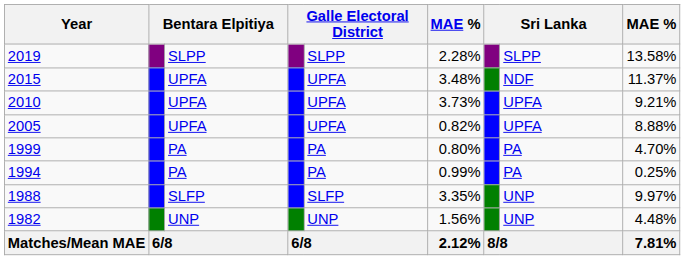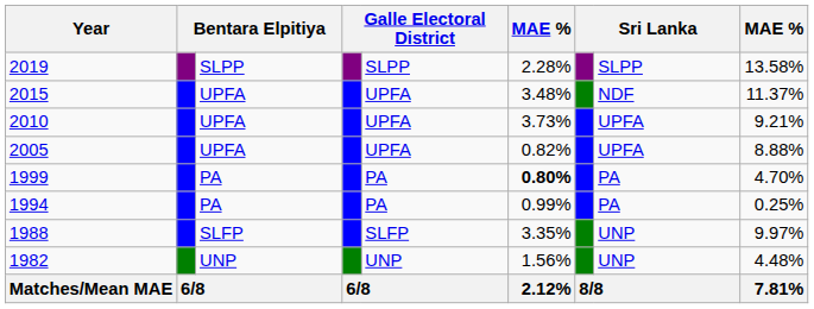 <table class="wikitable">
 <tr>
 <th>Year</th>
 <th colspan="2" width="144px">Bentara Elpitiya</th>
 <th colspan="2" width="144px"><a href='#'>Galle Electoral District</a></th>
 <th><a href='#'>MAE</a> %</th>
 <th colspan="2" width="144px">Sri Lanka</th>
 <th>MAE %</th>
 </tr>
 <tr>
 <td><a href='#'>2019</a></td>
 <td style="background-color:purple;" width="10px"></td>
 <td style="text-align:left;"><a href='#'>SLPP</a></td>
 <td style="background-color:purple;" width="10px"></td>
 <td style="text-align:left;"><a href='#'>SLPP</a></td>
 <td style="text-align:right;">2.28%</td>
 <td style="background-color:purple;" width="10px"></td>
 <td style="text-align:left;"><a href='#'>SLPP</a></td>
 <td style="text-align:right;">13.58%</td>
 </tr>
 <tr>
 <td><a href='#'>2015</a></td>
 <td style="background-color:blue;" width="10px"></td>
 <td style="text-align:left;"><a href='#'>UPFA</a></td>
 <td style="background-color:blue;" width="10px"></td>
 <td style="text-align:left;"><a href='#'>UPFA</a></td>
 <td style="text-align:right;">3.48%</td>
 <td style="background-color:green;" width="10px"></td>
 <td style="text-align:left;"><a href='#'>NDF</a></td>
 <td style="text-align:right;">11.37%</td>
 </tr>
 <tr>
 <td><a href='#'>2010</a></td>
 <td style="background-color:blue;" width="10px"></td>
 <td style="text-align:left;"><a href='#'>UPFA</a></td>
 <td style="background-color:blue;" width="10px"></td>
 <td style="text-align:left;"><a href='#'>UPFA</a></td>
 <td style="text-align:right;">3.73%</td>
 <td style="background-color:blue;" width="10px"></td>
 <td style="text-align:left;"><a href='#'>UPFA</a></td>
 <td style="text-align:right;">9.21%</td>
 </tr>
 <tr>
 <td><a href='#'>2005</a></td>
 <td style="background-color:blue;" width="10px"></td>
 <td style="text-align:left;"><a href='#'>UPFA</a></td>
 <td style="background-color:blue;" width="10px"></td>
 <td style="text-align:left;"><a href='#'>UPFA</a></td>
 <td style="text-align:right;">0.82%</td>
 <td style="background-color:blue;" width="10px"></td>
 <td style="text-align:left;"><a href='#'>UPFA</a></td>
 <td style="text-align:right;">8.88%</td>
 </tr>
 <tr>
 <td><a href='#'>1999</a></td>
 <td style="background-color:blue;" width="10px"></td>
 <td style="text-align:left;"><a href='#'>PA</a></td>
 <td style="background-color:blue;" width="10px"></td>
 <td style="text-align:left;"><a href='#'>PA</a></td>
-<td style="text-align:right;">0.80%</td>
+<td style="text-align:right;"><strong>0.80%</strong></td>
 <td style="background-color:blue;" width="10px"></td>
 <td style="text-align:left;"><a href='#'>PA</a></td>
 <td style="text-align:right;">4.70%</td>
 </tr>
 <tr>
 <td><a href='#'>1994</a></td>
 <td style="background-color:blue;" width="10px"></td>
 <td style="text-align:left;"><a href='#'>PA</a></td>
 <td style="background-color:blue;" width="10px"></td>
 <td style="text-align:left;"><a href='#'>PA</a></td>
 <td style="text-align:right;">0.99%</td>
 <td style="background-color:blue;" width="10px"></td>
 <td style="text-align:left;"><a href='#'>PA</a></td>
 <td style="text-align:right;">0.25%</td>
 </tr>
 <tr>
 <td><a href='#'>1988</a></td>
 <td style="background-color:blue;" width="10px"></td>
 <td style="text-align:left;"><a href='#'>SLFP</a></td>
 <td style="background-color:blue;" width="10px"></td>
 <td style="text-align:left;"><a href='#'>SLFP</a></td>
 <td style="text-align:right;">3.35%</td>
 <td style="background-color:green;" width="10px"></td>
 <td style="text-align:left;"><a href='#'>UNP</a></td>
 <td style="text-align:right;">9.97%</td>
 </tr>
 <tr>
 <td><a href='#'>1982</a></td>
 <td style="background-color:green;" width="10px"></td>
 <td style="text-align:left;"><a href='#'>UNP</a></td>
 <td style="background-color:green;" width="10px"></td>
 <td style="text-align:left;"><a href='#'>UNP</a></td>
 <td style="text-align:right;">1.56%</td>
 <td style="background-color:green;" width="10px"></td>
 <td style="text-align:left;"><a href='#'>UNP</a></td>
 <td style="text-align:right;">4.48%</td>
 </tr>
 <tr>
 <th>Matches/Mean MAE</th>
 <th style="text-align:left;"colspan="2" width="144px">6/8</th>
 <th style="text-align:left;"colspan="2" width="144px">6/8</th>
 <th style="text-align:right;">2.12%</th>
 <th style="text-align:left;"colspan="2" width="144px">8/8</th>
 <th style="text-align:right;">7.81%</th>
 </tr>
 </table>
